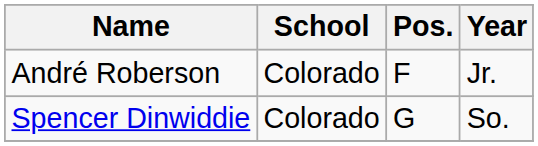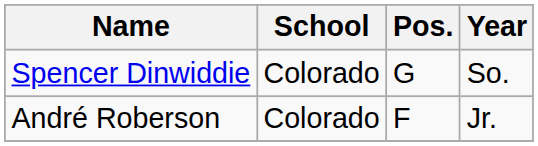 <table class="wikitable">
 <tr>
 <th>Name</th>
 <th>School</th>
 <th>Pos.</th>
 <th>Year</th>
 </tr>
 <tr>
+<td><a href='#'>Spencer Dinwiddie</a></td>
+<td>Colorado</td>
+<td>G</td>
+<td>So.</td>
+</tr>
+<tr>
 <td>André Roberson</td>
 <td>Colorado</td>
 <td>F</td>
 <td>Jr.</td>
 </tr>
 <tr>
-<td><a href='#'>Spencer Dinwiddie</a></td>
-<td>Colorado</td>
-<td>G</td>
-<td>So.</td>
-</tr>
-<tr>
 </tr>
 </table>
